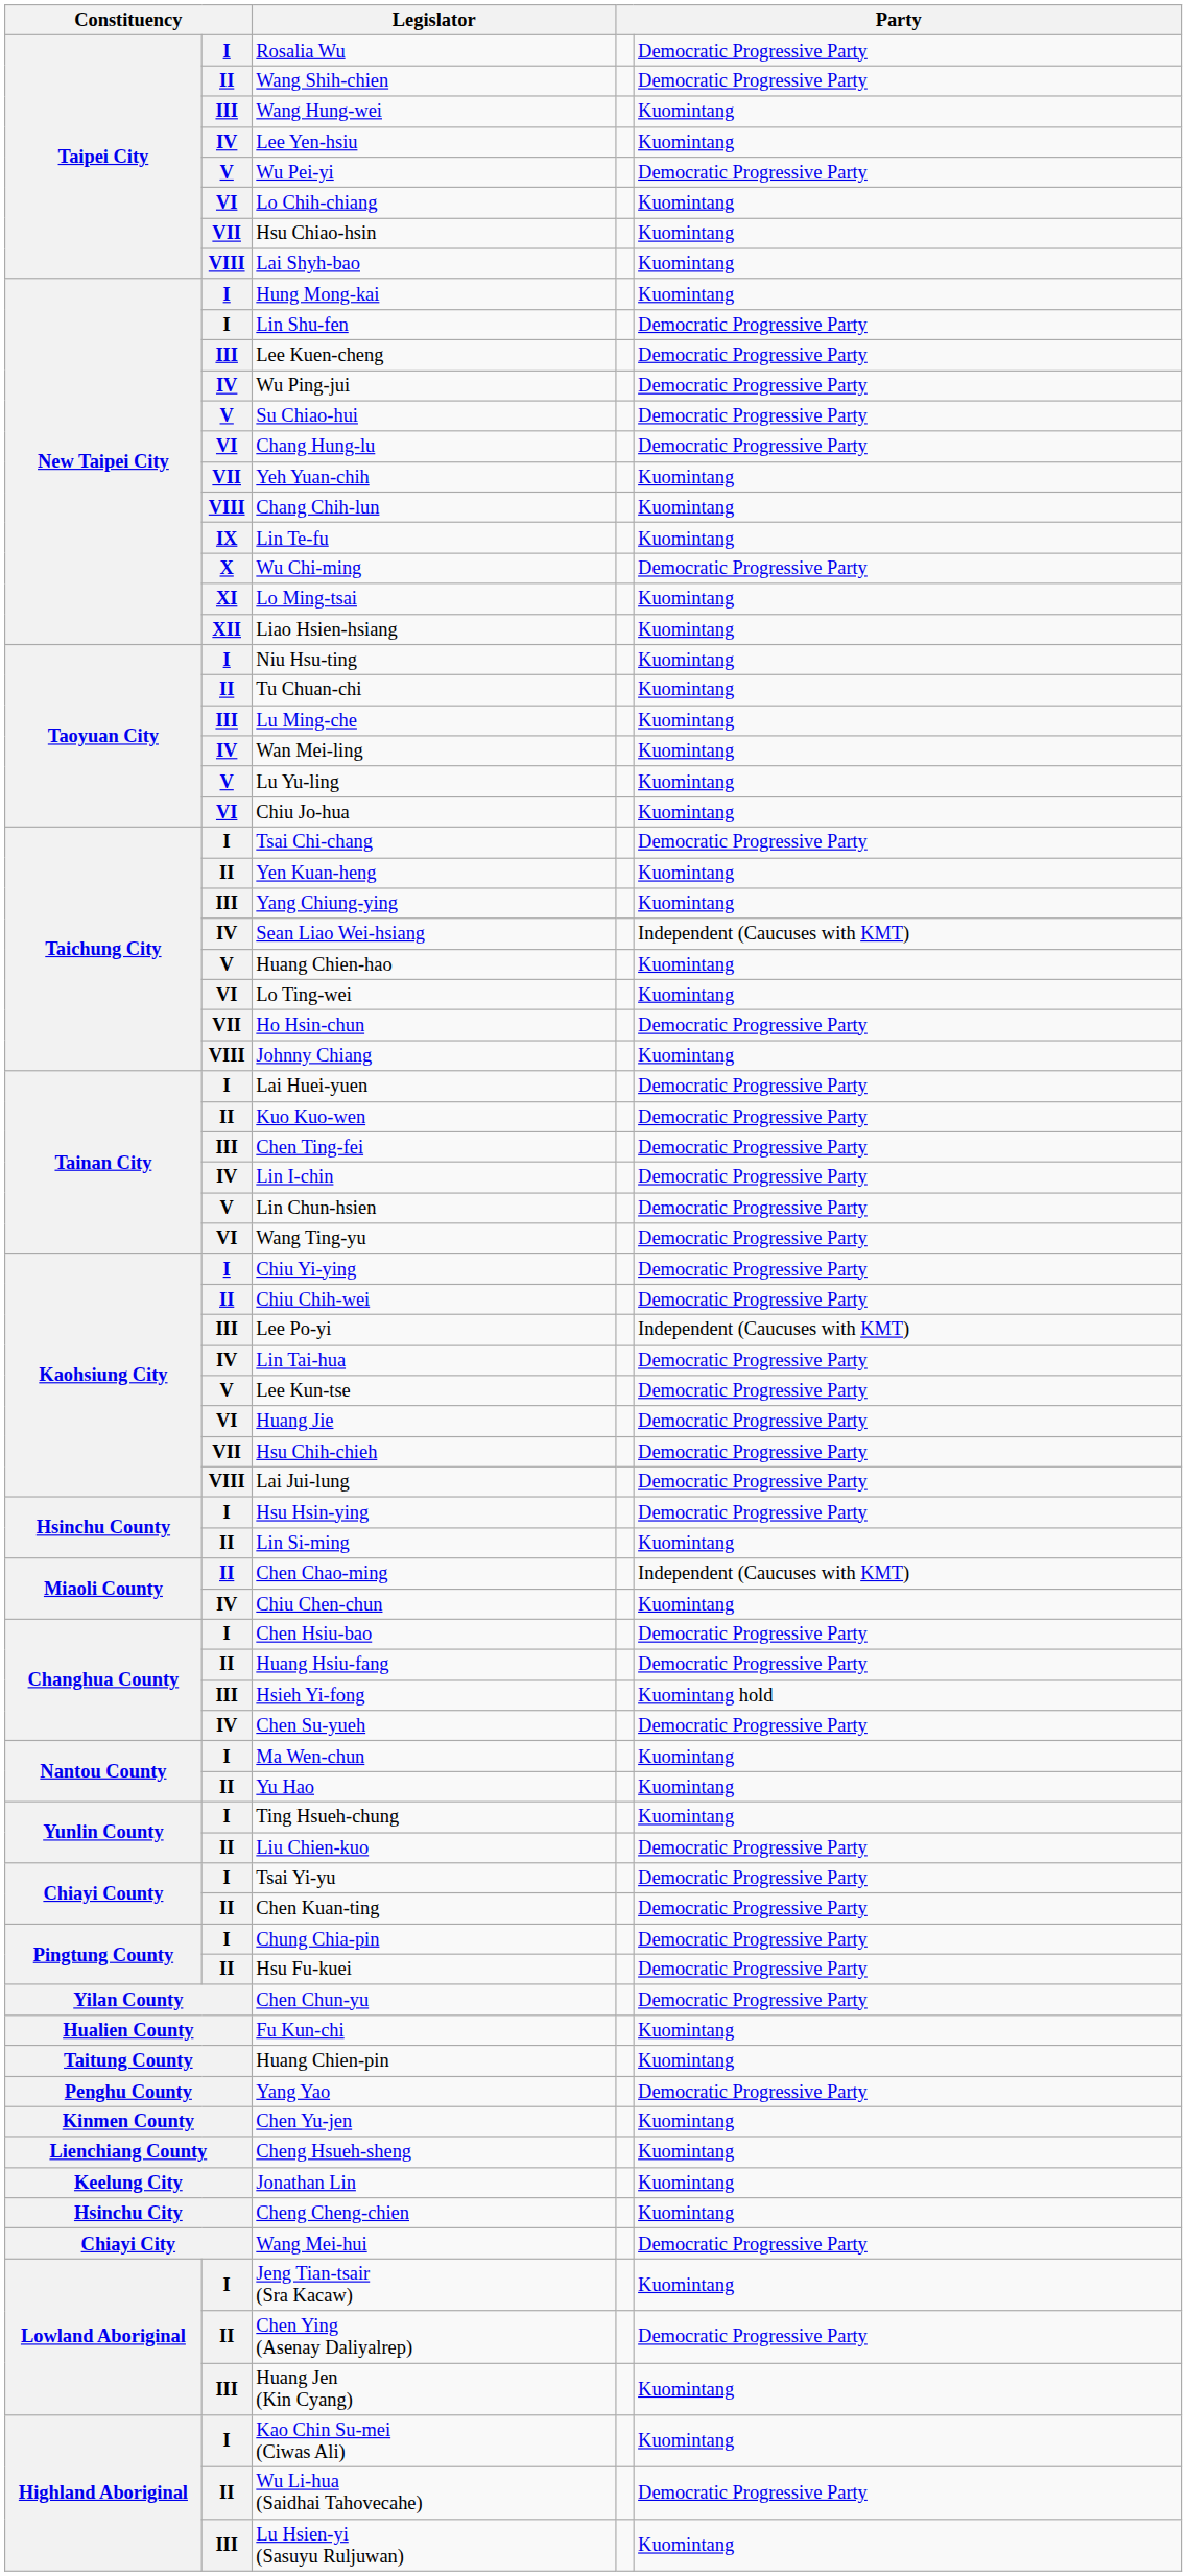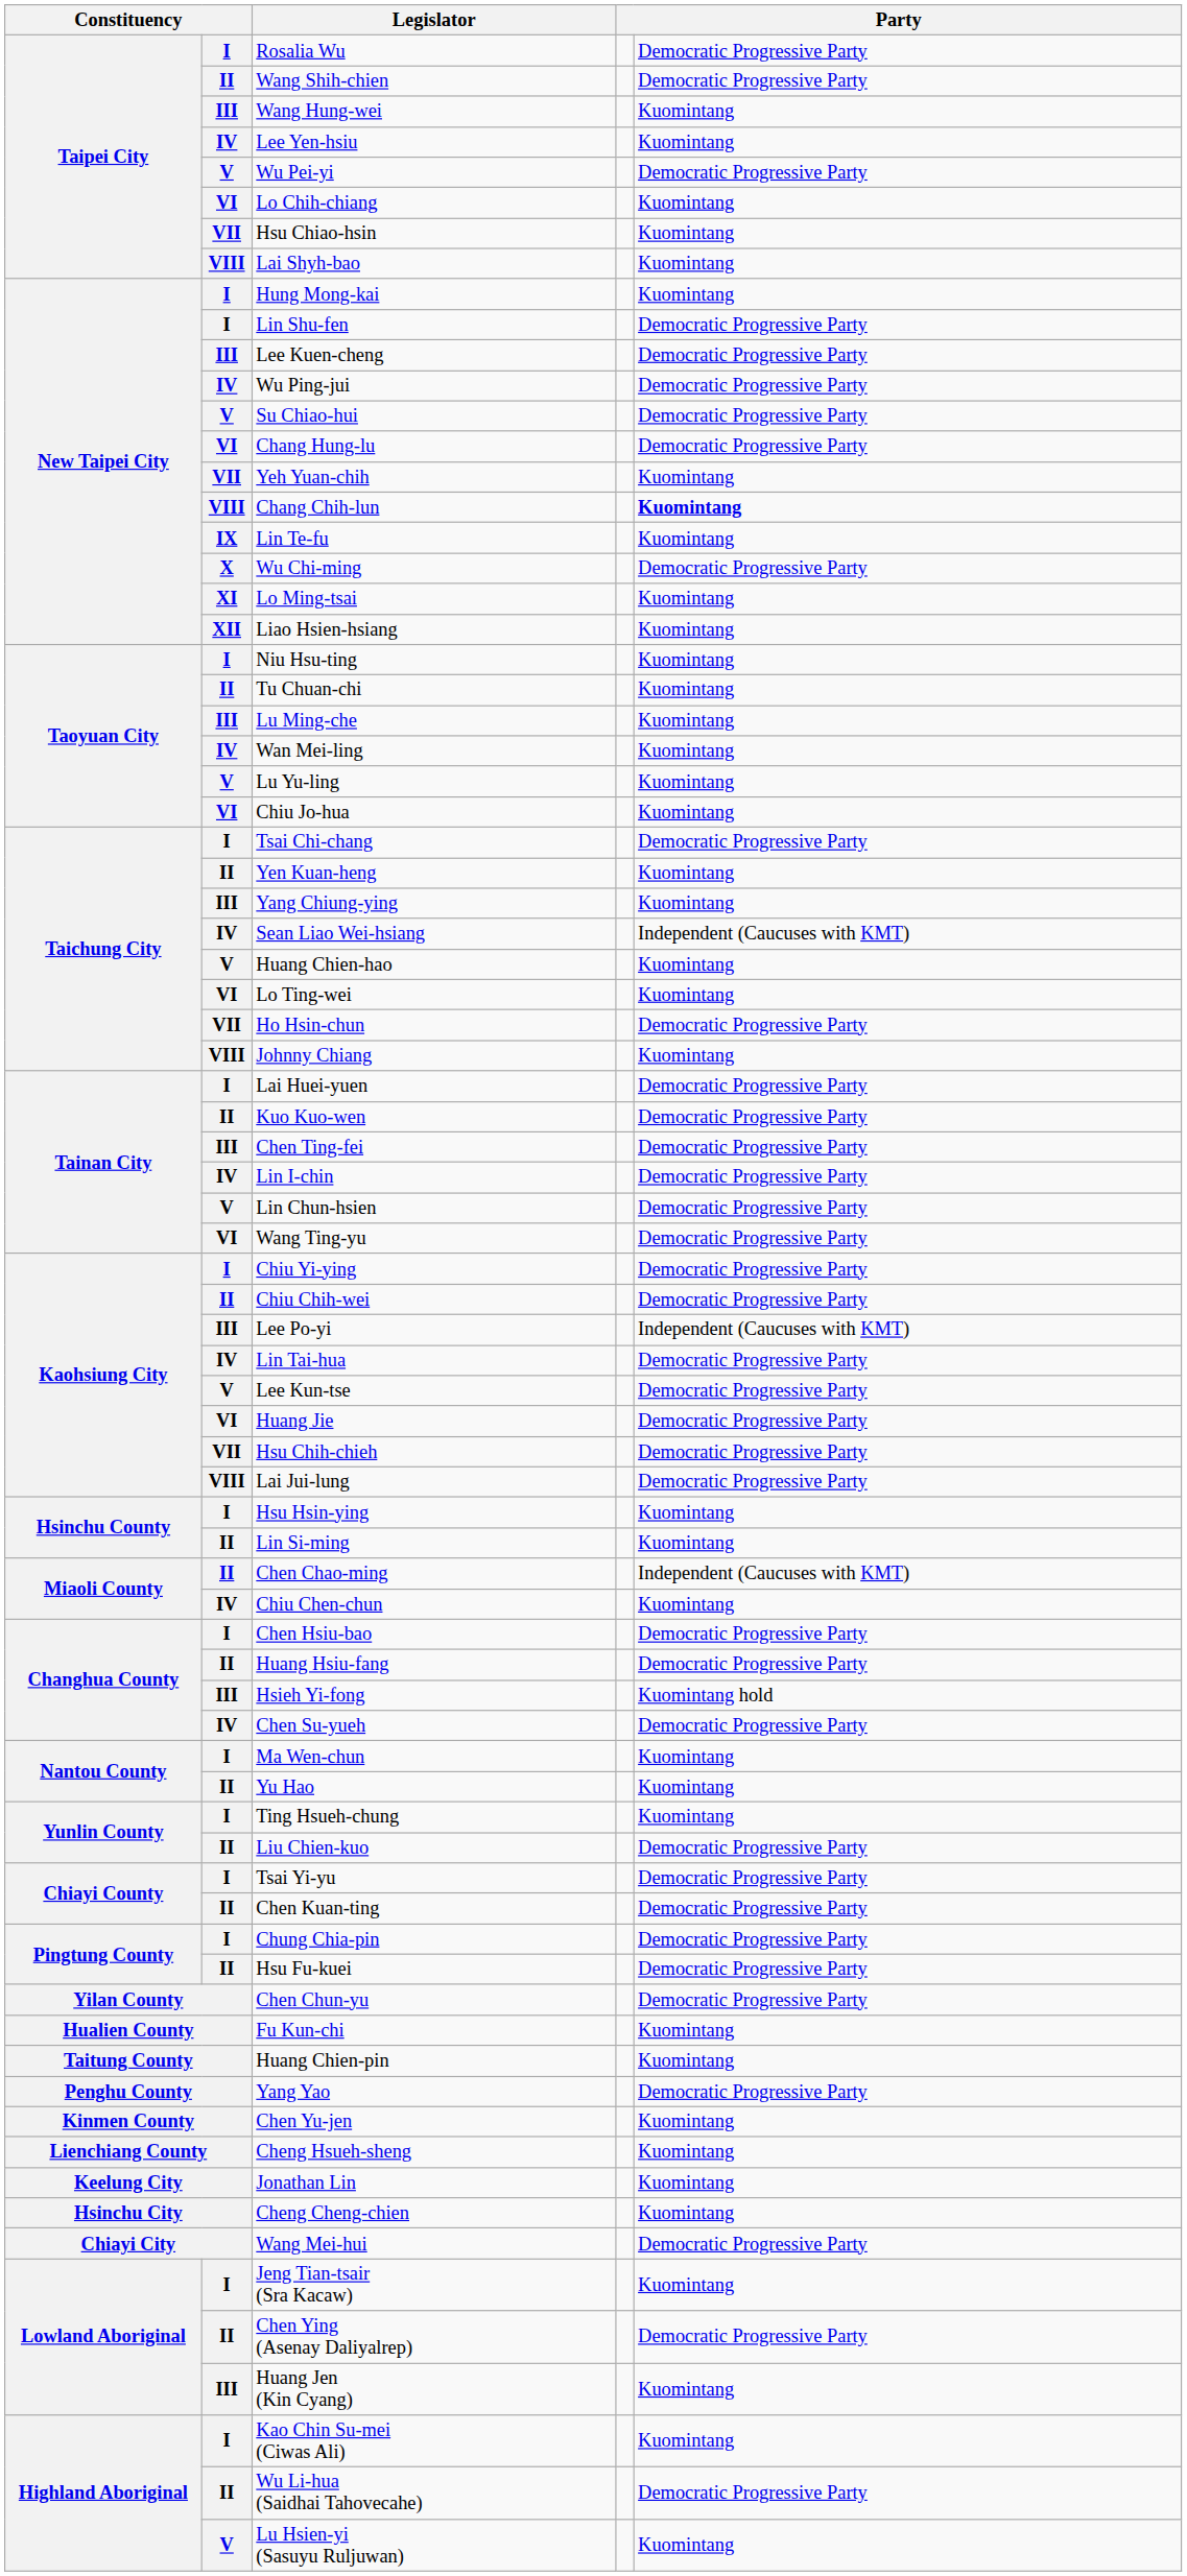 <table class="wikitable">
 <tr>
 <th colspan="2" width=21%>Constituency</th>
 <th>Legislator</th>
 <th colspan="2" width=48%>Party</th>
 </tr>
 <tr>
 <th rowspan="8"><a href='#'>Taipei City</a></th>
 <th><a href='#'>I</a></th>
 <td><a href='#'>Rosalia Wu</a></td>
 <td></td>
 <td><a href='#'>Democratic Progressive Party</a></td>
 </tr>
 <tr>
 <th><a href='#'>II</a></th>
 <td><a href='#'>Wang Shih-chien</a></td>
 <td></td>
 <td><a href='#'>Democratic Progressive Party</a></td>
 </tr>
 <tr>
 <th><a href='#'>III</a></th>
 <td><a href='#'>Wang Hung-wei</a></td>
 <td></td>
 <td><a href='#'>Kuomintang</a></td>
 </tr>
 <tr>
 <th><a href='#'>IV</a></th>
 <td><a href='#'>Lee Yen-hsiu</a></td>
 <td></td>
 <td><a href='#'>Kuomintang</a></td>
 </tr>
 <tr>
 <th><a href='#'>V</a></th>
 <td><a href='#'>Wu Pei-yi</a></td>
 <td></td>
 <td><a href='#'>Democratic Progressive Party</a></td>
 </tr>
 <tr>
 <th><a href='#'>VI</a></th>
 <td><a href='#'>Lo Chih-chiang</a></td>
 <td></td>
 <td><a href='#'>Kuomintang</a></td>
 </tr>
 <tr>
 <th><a href='#'>VII</a></th>
 <td>Hsu Chiao-hsin</td>
 <td></td>
 <td><a href='#'>Kuomintang</a></td>
 </tr>
 <tr>
 <th><a href='#'>VIII</a></th>
 <td><a href='#'>Lai Shyh-bao</a></td>
 <td></td>
 <td><a href='#'>Kuomintang</a></td>
 </tr>
 <tr>
 <th rowspan="12"><a href='#'>New Taipei City</a></th>
 <th><a href='#'>I</a></th>
 <td><a href='#'>Hung Mong-kai</a></td>
 <td></td>
 <td><a href='#'>Kuomintang</a></td>
 </tr>
 <tr>
 <th>I</th>
 <td><a href='#'>Lin Shu-fen</a></td>
 <td></td>
 <td><a href='#'>Democratic Progressive Party</a></td>
 </tr>
 <tr>
 <th><a href='#'>III</a></th>
 <td>Lee Kuen-cheng</td>
 <td></td>
 <td><a href='#'>Democratic Progressive Party</a></td>
 </tr>
 <tr>
 <th><a href='#'>IV</a></th>
 <td>Wu Ping-jui</td>
 <td></td>
 <td><a href='#'>Democratic Progressive Party</a></td>
 </tr>
 <tr>
 <th><a href='#'>V</a></th>
 <td><a href='#'>Su Chiao-hui</a></td>
 <td></td>
 <td><a href='#'>Democratic Progressive Party</a></td>
 </tr>
 <tr>
 <th><a href='#'>VI</a></th>
 <td><a href='#'>Chang Hung-lu</a></td>
 <td></td>
 <td><a href='#'>Democratic Progressive Party</a></td>
 </tr>
 <tr>
 <th><a href='#'>VII</a></th>
 <td><a href='#'>Yeh Yuan-chih</a></td>
 <td></td>
 <td><a href='#'>Kuomintang</a></td>
 </tr>
 <tr>
 <th><a href='#'>VIII</a></th>
 <td><a href='#'>Chang Chih-lun</a></td>
 <td></td>
-<td><a href='#'>Kuomintang</a></td>
+<td><strong><a href='#'>Kuomintang</a></strong></td>
 </tr>
 <tr>
 <th><a href='#'>IX</a></th>
 <td><a href='#'>Lin Te-fu</a></td>
 <td></td>
 <td><a href='#'>Kuomintang</a></td>
 </tr>
 <tr>
 <th><a href='#'>X</a></th>
 <td><a href='#'>Wu Chi-ming</a></td>
 <td></td>
 <td><a href='#'>Democratic Progressive Party</a></td>
 </tr>
 <tr>
 <th><a href='#'>XI</a></th>
 <td><a href='#'>Lo Ming-tsai</a></td>
 <td></td>
 <td><a href='#'>Kuomintang</a></td>
 </tr>
 <tr>
 <th><a href='#'>XII</a></th>
 <td>Liao Hsien-hsiang</td>
 <td></td>
 <td><a href='#'>Kuomintang</a></td>
 </tr>
 <tr>
 <th rowspan="6"><a href='#'>Taoyuan City</a></th>
 <th><a href='#'>I</a></th>
 <td>Niu Hsu-ting</td>
 <td></td>
 <td><a href='#'>Kuomintang</a></td>
 </tr>
 <tr>
 <th><a href='#'>II</a></th>
 <td>Tu Chuan-chi</td>
 <td></td>
 <td><a href='#'>Kuomintang</a></td>
 </tr>
 <tr>
 <th><a href='#'>III</a></th>
 <td><a href='#'>Lu Ming-che</a></td>
 <td></td>
 <td><a href='#'>Kuomintang</a></td>
 </tr>
 <tr>
 <th><a href='#'>IV</a></th>
 <td>Wan Mei-ling</td>
 <td></td>
 <td><a href='#'>Kuomintang</a></td>
 </tr>
 <tr>
 <th><a href='#'>V</a></th>
 <td>Lu Yu-ling</td>
 <td></td>
 <td><a href='#'>Kuomintang</a></td>
 </tr>
 <tr>
 <th><a href='#'>VI</a></th>
 <td>Chiu Jo-hua</td>
 <td></td>
 <td><a href='#'>Kuomintang</a></td>
 </tr>
 <tr>
 <th rowspan="8"><a href='#'>Taichung City</a></th>
 <th>I</th>
 <td><a href='#'>Tsai Chi-chang</a></td>
 <td></td>
 <td><a href='#'>Democratic Progressive Party</a></td>
 </tr>
 <tr>
 <th>II</th>
 <td><a href='#'>Yen Kuan-heng</a></td>
 <td></td>
 <td><a href='#'>Kuomintang</a></td>
 </tr>
 <tr>
 <th>III</th>
 <td><a href='#'>Yang Chiung-ying</a></td>
 <td></td>
 <td><a href='#'>Kuomintang</a></td>
 </tr>
 <tr>
 <th>IV</th>
 <td><a href='#'>Sean Liao Wei-hsiang</a></td>
 <td></td>
 <td>Independent (Caucuses with <a href='#'>KMT</a>)</td>
 </tr>
 <tr>
 <th>V</th>
 <td>Huang Chien-hao</td>
 <td></td>
 <td><a href='#'>Kuomintang</a></td>
 </tr>
 <tr>
 <th>VI</th>
 <td>Lo Ting-wei</td>
 <td></td>
 <td><a href='#'>Kuomintang</a></td>
 </tr>
 <tr>
 <th>VII</th>
 <td><a href='#'>Ho Hsin-chun</a></td>
 <td></td>
 <td><a href='#'>Democratic Progressive Party</a></td>
 </tr>
 <tr>
 <th>VIII</th>
 <td><a href='#'>Johnny Chiang</a></td>
 <td></td>
 <td><a href='#'>Kuomintang</a></td>
 </tr>
 <tr>
 <th rowspan="6"><a href='#'>Tainan City</a></th>
 <th>I</th>
 <td>Lai Huei-yuen</td>
 <td></td>
 <td><a href='#'>Democratic Progressive Party</a></td>
 </tr>
 <tr>
 <th>II</th>
 <td><a href='#'>Kuo Kuo-wen</a></td>
 <td></td>
 <td><a href='#'>Democratic Progressive Party</a></td>
 </tr>
 <tr>
 <th>III</th>
 <td><a href='#'>Chen Ting-fei</a></td>
 <td></td>
 <td><a href='#'>Democratic Progressive Party</a></td>
 </tr>
 <tr>
 <th>IV</th>
 <td><a href='#'>Lin I-chin</a></td>
 <td></td>
 <td><a href='#'>Democratic Progressive Party</a></td>
 </tr>
 <tr>
 <th>V</th>
 <td>Lin Chun-hsien</td>
 <td></td>
 <td><a href='#'>Democratic Progressive Party</a></td>
 </tr>
 <tr>
 <th>VI</th>
 <td>Wang Ting-yu</td>
 <td></td>
 <td><a href='#'>Democratic Progressive Party</a></td>
 </tr>
 <tr>
 <th rowspan="8"><a href='#'>Kaohsiung City</a></th>
 <th><a href='#'>I</a></th>
 <td><a href='#'>Chiu Yi-ying</a></td>
 <td></td>
 <td><a href='#'>Democratic Progressive Party</a></td>
 </tr>
 <tr>
 <th><a href='#'>II</a></th>
 <td><a href='#'>Chiu Chih-wei</a></td>
 <td></td>
 <td><a href='#'>Democratic Progressive Party</a></td>
 </tr>
 <tr>
 <th>III</th>
 <td>Lee Po-yi</td>
 <td></td>
 <td>Independent (Caucuses with <a href='#'>KMT</a>)</td>
 </tr>
 <tr>
 <th>IV</th>
 <td><a href='#'>Lin Tai-hua</a></td>
 <td></td>
 <td><a href='#'>Democratic Progressive Party</a></td>
 </tr>
 <tr>
 <th>V</th>
 <td>Lee Kun-tse</td>
 <td></td>
 <td><a href='#'>Democratic Progressive Party</a></td>
 </tr>
 <tr>
 <th>VI</th>
 <td><a href='#'>Huang Jie</a></td>
 <td></td>
 <td><a href='#'>Democratic Progressive Party</a></td>
 </tr>
 <tr>
 <th>VII</th>
 <td><a href='#'>Hsu Chih-chieh</a></td>
 <td></td>
 <td><a href='#'>Democratic Progressive Party</a></td>
 </tr>
 <tr>
 <th>VIII</th>
 <td>Lai Jui-lung</td>
 <td></td>
 <td><a href='#'>Democratic Progressive Party</a></td>
 </tr>
 <tr>
 <th rowspan="2"><a href='#'>Hsinchu County</a></th>
 <th>I</th>
 <td><a href='#'>Hsu Hsin-ying</a></td>
 <td></td>
-<td><a href='#'>Democratic Progressive Party</a></td>
+<td><a href='#'>Kuomintang</a></td>
 </tr>
 <tr>
 <th>II</th>
 <td><a href='#'>Lin Si-ming</a></td>
 <td></td>
 <td><a href='#'>Kuomintang</a></td>
 </tr>
 <tr>
 <th rowspan="2"><a href='#'>Miaoli County</a></th>
 <th><a href='#'>II</a></th>
 <td><a href='#'>Chen Chao-ming</a></td>
 <td></td>
 <td>Independent (Caucuses with <a href='#'>KMT</a>)</td>
 </tr>
 <tr>
 <th>IV</th>
 <td><a href='#'>Chiu Chen-chun</a></td>
 <td></td>
 <td><a href='#'>Kuomintang</a></td>
 </tr>
 <tr>
 <th rowspan="4"><a href='#'>Changhua County</a></th>
 <th>I</th>
 <td><a href='#'>Chen Hsiu-bao</a></td>
 <td></td>
 <td><a href='#'>Democratic Progressive Party</a></td>
 </tr>
 <tr>
 <th>II</th>
 <td><a href='#'>Huang Hsiu-fang</a></td>
 <td></td>
 <td><a href='#'>Democratic Progressive Party</a></td>
 </tr>
 <tr>
 <th>III</th>
 <td><a href='#'>Hsieh Yi-fong</a></td>
 <td></td>
 <td><a href='#'>Kuomintang</a> hold</td>
 </tr>
 <tr>
 <th>IV</th>
 <td><a href='#'>Chen Su-yueh</a></td>
 <td></td>
 <td><a href='#'>Democratic Progressive Party</a></td>
 </tr>
 <tr>
 <th rowspan="2"><a href='#'>Nantou County</a></th>
 <th>I</th>
 <td><a href='#'>Ma Wen-chun</a></td>
 <td></td>
 <td><a href='#'>Kuomintang</a></td>
 </tr>
 <tr>
 <th>II</th>
 <td><a href='#'>Yu Hao</a></td>
 <td></td>
 <td><a href='#'>Kuomintang</a></td>
 </tr>
 <tr>
 <th rowspan="2"><a href='#'>Yunlin County</a></th>
 <th>I</th>
 <td>Ting Hsueh-chung</td>
 <td></td>
 <td><a href='#'>Kuomintang</a></td>
 </tr>
 <tr>
 <th>II</th>
 <td><a href='#'>Liu Chien-kuo</a></td>
 <td></td>
 <td><a href='#'>Democratic Progressive Party</a></td>
 </tr>
 <tr>
 <th rowspan="2"><a href='#'>Chiayi County</a></th>
 <th>I</th>
 <td>Tsai Yi-yu</td>
 <td></td>
 <td><a href='#'>Democratic Progressive Party</a></td>
 </tr>
 <tr>
 <th>II</th>
 <td>Chen Kuan-ting</td>
 <td></td>
 <td><a href='#'>Democratic Progressive Party</a></td>
 </tr>
 <tr>
 <th rowspan="2"><a href='#'>Pingtung County</a></th>
 <th>I</th>
 <td><a href='#'>Chung Chia-pin</a></td>
 <td></td>
 <td><a href='#'>Democratic Progressive Party</a></td>
 </tr>
 <tr>
 <th>II</th>
 <td>Hsu Fu-kuei</td>
 <td></td>
 <td><a href='#'>Democratic Progressive Party</a></td>
 </tr>
 <tr>
 <th colspan="2"><a href='#'>Yilan County</a></th>
 <td><a href='#'>Chen Chun-yu</a></td>
 <td></td>
 <td><a href='#'>Democratic Progressive Party</a></td>
 </tr>
 <tr>
 <th colspan="2"><a href='#'>Hualien County</a></th>
 <td><a href='#'>Fu Kun-chi</a></td>
 <td></td>
 <td><a href='#'>Kuomintang</a></td>
 </tr>
 <tr>
 <th colspan="2"><a href='#'>Taitung County</a></th>
 <td>Huang Chien-pin</td>
 <td></td>
 <td><a href='#'>Kuomintang</a></td>
 </tr>
 <tr>
 <th colspan="2"><a href='#'>Penghu County</a></th>
 <td><a href='#'>Yang Yao</a></td>
 <td></td>
 <td><a href='#'>Democratic Progressive Party</a></td>
 </tr>
 <tr>
 <th colspan="2"><a href='#'>Kinmen County</a></th>
 <td><a href='#'>Chen Yu-jen</a></td>
 <td></td>
 <td><a href='#'>Kuomintang</a></td>
 </tr>
 <tr>
 <th colspan="2"><a href='#'>Lienchiang County</a></th>
 <td><a href='#'>Cheng Hsueh-sheng</a></td>
 <td></td>
 <td><a href='#'>Kuomintang</a></td>
 </tr>
 <tr>
 <th colspan="2"><a href='#'>Keelung City</a></th>
 <td><a href='#'>Jonathan Lin</a></td>
 <td></td>
 <td><a href='#'>Kuomintang</a></td>
 </tr>
 <tr>
 <th colspan="2"><a href='#'>Hsinchu City</a></th>
 <td><a href='#'>Cheng Cheng-chien</a></td>
 <td></td>
 <td><a href='#'>Kuomintang</a></td>
 </tr>
 <tr>
 <th colspan="2"><a href='#'>Chiayi City</a></th>
 <td><a href='#'>Wang Mei-hui</a></td>
 <td></td>
 <td><a href='#'>Democratic Progressive Party</a></td>
 </tr>
 <tr>
 <th rowspan="3"><a href='#'>Lowland Aboriginal</a></th>
 <th>I</th>
 <td><a href='#'>Jeng Tian-tsair</a><br>(Sra Kacaw)</td>
 <td></td>
 <td><a href='#'>Kuomintang</a></td>
 </tr>
 <tr>
 <th>II</th>
 <td><a href='#'>Chen Ying</a><br>(Asenay Daliyalrep)</td>
 <td></td>
 <td><a href='#'>Democratic Progressive Party</a></td>
 </tr>
 <tr>
 <th>III</th>
 <td>Huang Jen<br>(Kin Cyang)</td>
 <td></td>
 <td><a href='#'>Kuomintang</a></td>
 </tr>
 <tr>
 <th rowspan="3"><a href='#'>Highland Aboriginal</a></th>
 <th>I</th>
 <td><a href='#'>Kao Chin Su-mei</a><br>(Ciwas Ali)</td>
 <td></td>
 <td><a href='#'>Kuomintang</a></td>
 </tr>
 <tr>
 <th>II</th>
 <td><a href='#'>Wu Li-hua</a><br>(Saidhai Tahovecahe)</td>
 <td></td>
 <td><a href='#'>Democratic Progressive Party</a></td>
 </tr>
 <tr>
-<th>III</th>
+<th><a href='#'>V</a></th>
 <td><a href='#'>Lu Hsien-yi</a><br>(Sasuyu Ruljuwan)</td>
 <td></td>
 <td><a href='#'>Kuomintang</a></td>
 </tr>
 </table>
